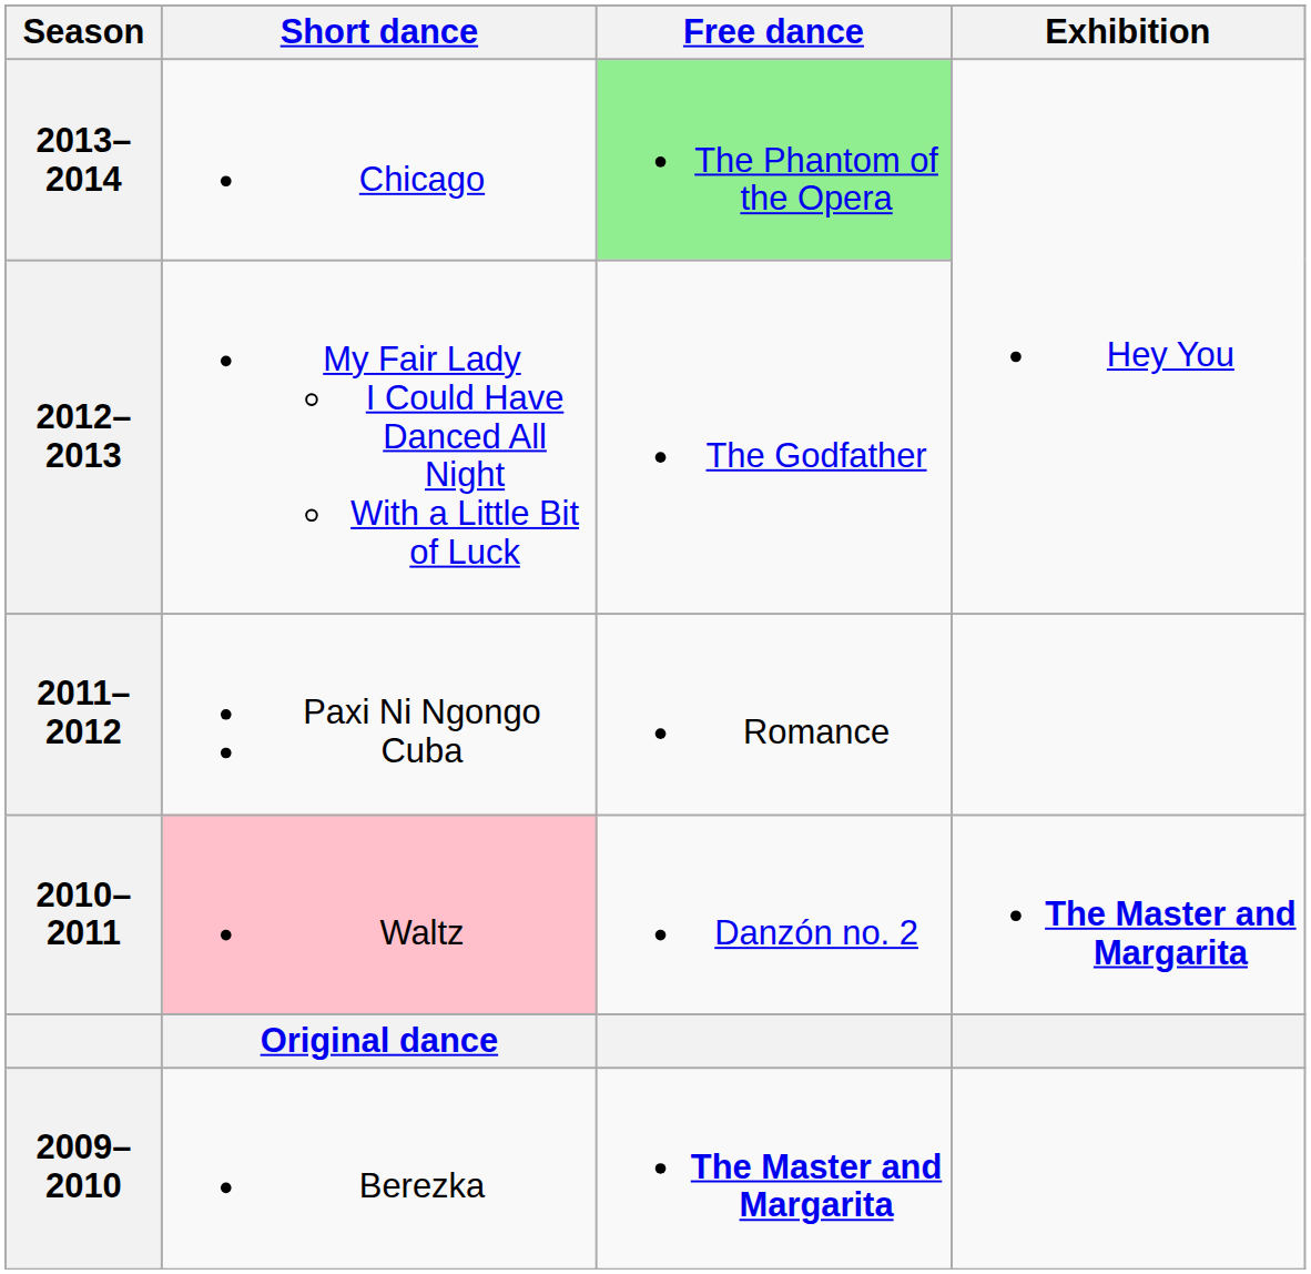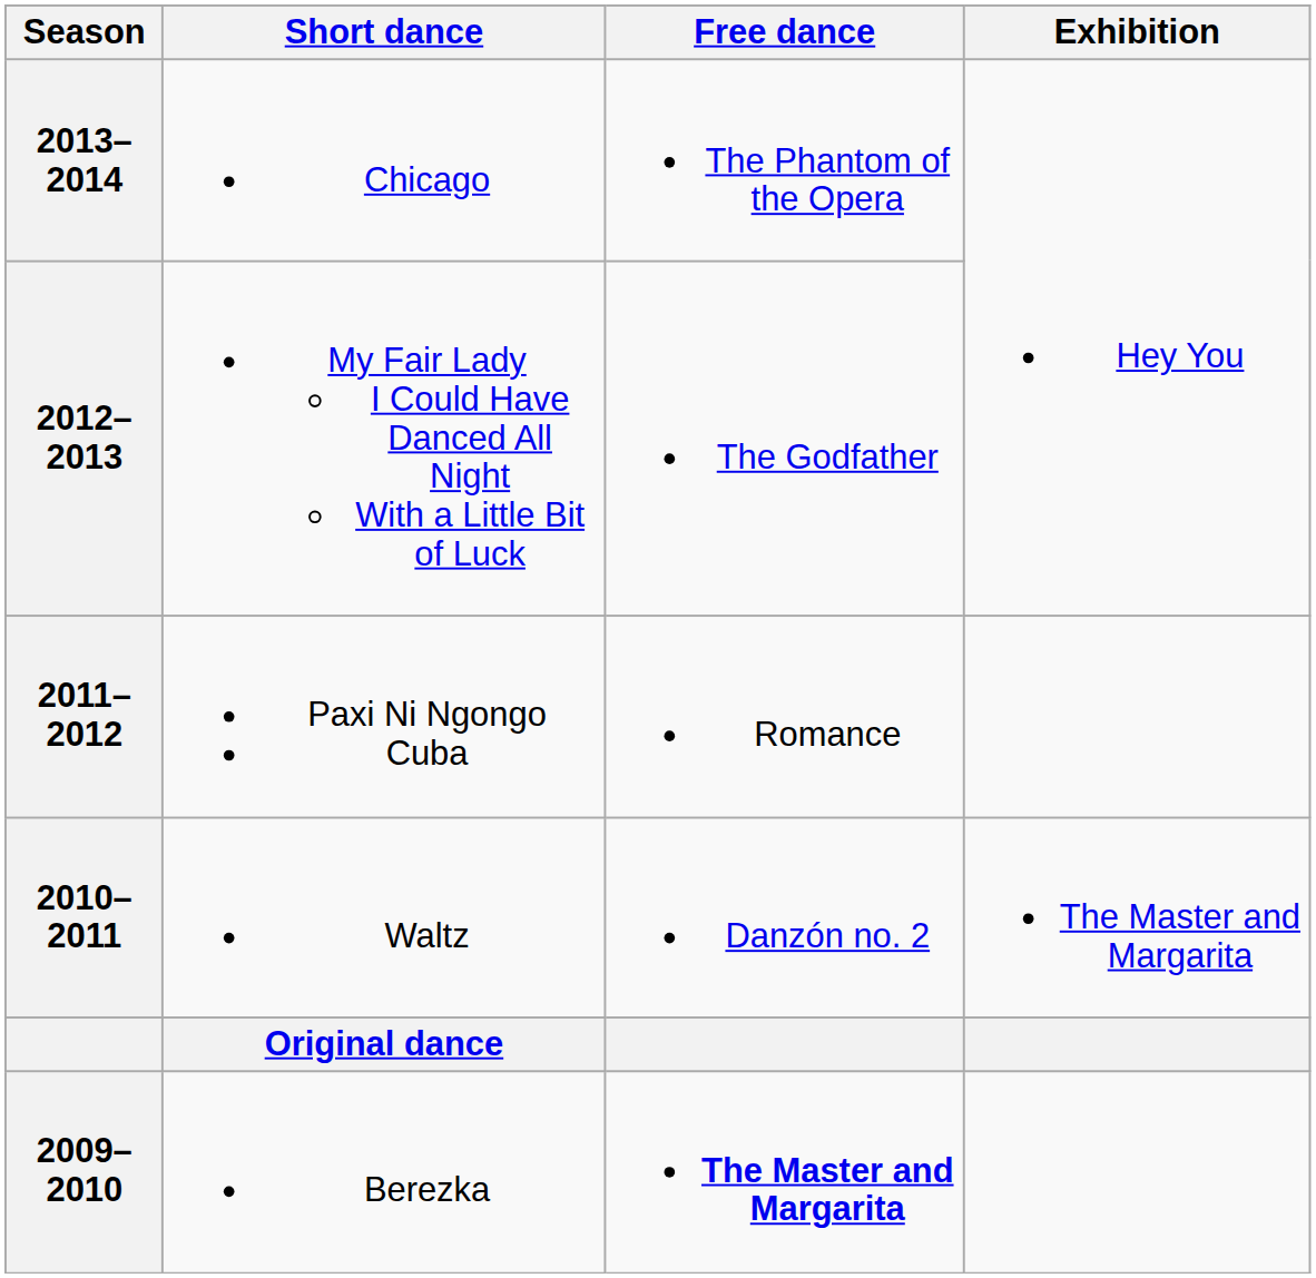 <table class="wikitable" style="text-align:center">
 <tr>
 <th>Season</th>
 <th><a href='#'>Short dance</a></th>
 <th><a href='#'>Free dance</a></th>
 <th>Exhibition</th>
 </tr>
 <tr>
 <th>2013–2014 <br> </th>
 <td><br><ul><li><a href='#'>Chicago</a> <br></li></ul></td>
-<td style="background: lightgreen;"><br><ul><li><a href='#'>The Phantom of the Opera</a> <br></li></ul></td>
+<td><br><ul><li><a href='#'>The Phantom of the Opera</a> <br></li></ul></td>
 <td rowspan=2><br><ul><li><a href='#'>Hey You</a> <br></li></ul></td>
 </tr>
 <tr>
 <th>2012–2013 <br> </th>
 <td><br><ul><li><a href='#'>My Fair Lady</a> <br><ul><li><a href='#'>I Could Have Danced All Night</a></li><li><a href='#'>With a Little Bit of Luck</a></li></ul></li></ul></td>
 <td><br><ul><li><a href='#'>The Godfather</a> <br></li></ul></td>
 </tr>
 <tr>
 <th>2011–2012 <br> </th>
 <td><br><ul><li>Paxi Ni Ngongo <br></li><li>Cuba</li></ul></td>
 <td><br><ul><li>Romance <br></li></ul></td>
 <td></td>
 </tr>
 <tr>
 <th>2010–2011 <br> </th>
-<td style="background: pink;"><br><ul><li>Waltz <br></li></ul></td>
+<td><br><ul><li>Waltz <br></li></ul></td>
 <td><br><ul><li><a href='#'>Danzón no. 2</a> <br></li></ul></td>
-<td><strong><br><ul><li><a href='#'>The Master and Margarita</a> <br></li></ul></strong></td>
+<td><br><ul><li><a href='#'>The Master and Margarita</a> <br></li></ul></td>
 </tr>
 <tr>
 <th></th>
 <th><a href='#'>Original dance</a></th>
 <th></th>
 <th></th>
 </tr>
 <tr>
 <th>2009–2010 <br> </th>
 <td><br><ul><li>Berezka <br></li></ul></td>
 <td><strong><br><ul><li><a href='#'>The Master and Margarita</a> <br></li></ul></strong></td>
 <td></td>
 </tr>
 </table>
